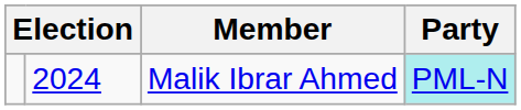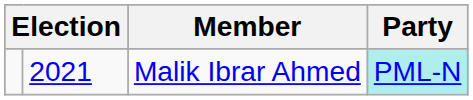 <table class="wikitable">
 <tr>
 <th colspan="2">Election</th>
 <th>Member</th>
 <th>Party</th>
 </tr>
 <tr>
 <td style="background-color: "></td>
-<td><a href='#'>2024</a></td>
+<td><a href='#'>2021</a></td>
 <td><a href='#'>Malik Ibrar Ahmed</a></td>
 <td style="background: paleturquoise;"><a href='#'>PML-N</a></td>
 </tr>
 </table>
